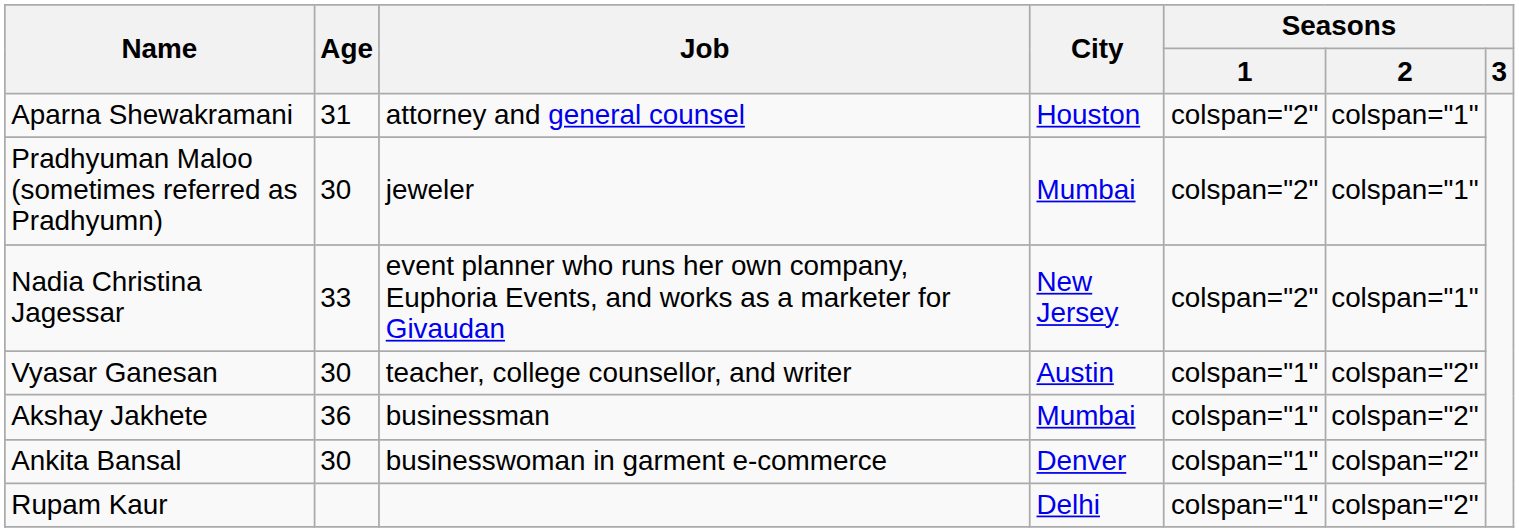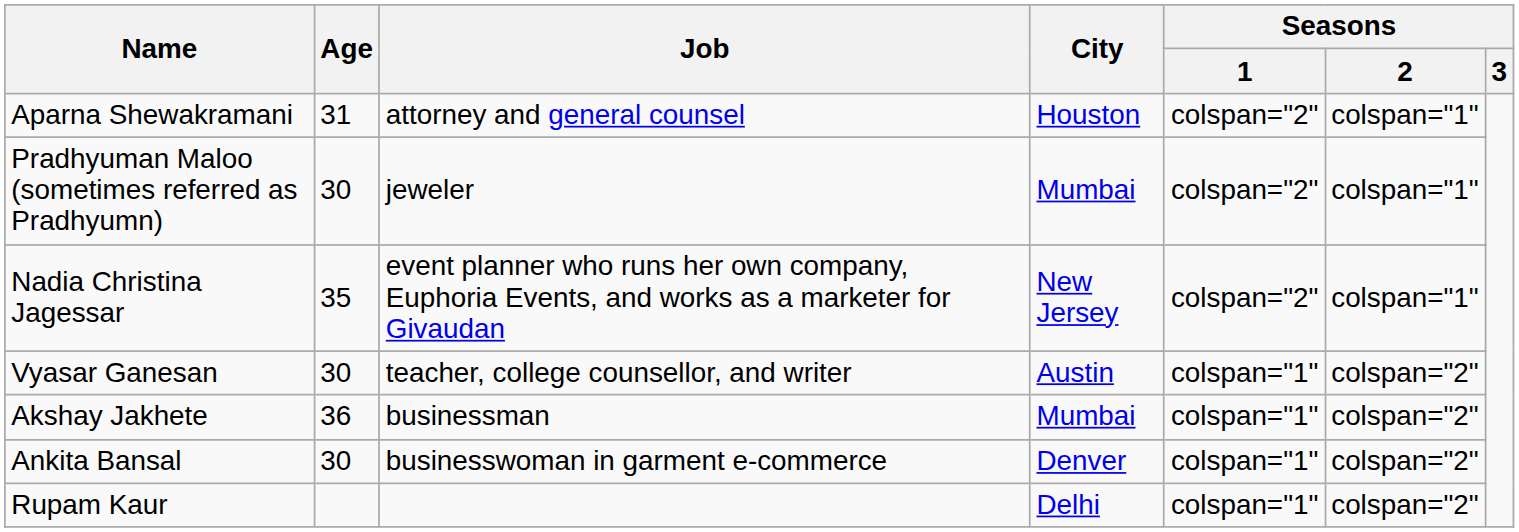 <table class="wikitable">
 <tr>
 <th rowspan="2">Name</th>
 <th rowspan="2">Age</th>
 <th rowspan="2">Job</th>
 <th rowspan="2">City</th>
 <th colspan="3">Seasons</th>
 </tr>
 <tr>
 <th scope="col">1</th>
 <th scope="col">2</th>
 <th scope="col">3</th>
 </tr>
 <tr>
 <td>Aparna Shewakramani</td>
 <td>31</td>
 <td>attorney and <a href='#'>general counsel</a></td>
 <td><a href='#'>Houston</a></td>
 <td>colspan="2"  </td>
 <td>colspan="1" </td>
 </tr>
 <tr>
 <td>Pradhyuman Maloo<br>(sometimes referred as Pradhyumn)</td>
 <td>30</td>
 <td>jeweler</td>
 <td><a href='#'>Mumbai</a></td>
 <td>colspan="2"  </td>
 <td>colspan="1" </td>
 </tr>
 <tr>
 <td>Nadia Christina Jagessar</td>
-<td>33</td>
+<td>35</td>
 <td>event planner who runs her own company, Euphoria Events, and works as a marketer for <a href='#'>Givaudan</a></td>
 <td><a href='#'>New Jersey</a></td>
 <td>colspan="2"  </td>
 <td>colspan="1" </td>
 </tr>
 <tr>
 <td>Vyasar Ganesan</td>
 <td>30</td>
 <td>teacher, college counsellor, and writer</td>
 <td><a href='#'>Austin</a></td>
 <td>colspan="1"  </td>
 <td>colspan="2" </td>
 </tr>
 <tr>
 <td>Akshay Jakhete</td>
 <td>36</td>
 <td>businessman</td>
 <td><a href='#'>Mumbai</a></td>
 <td>colspan="1"  </td>
 <td>colspan="2" </td>
 </tr>
 <tr>
 <td>Ankita Bansal</td>
 <td>30</td>
 <td>businesswoman in garment e-commerce</td>
 <td><a href='#'>Denver</a></td>
 <td>colspan="1"  </td>
 <td>colspan="2" </td>
 </tr>
 <tr>
 <td>Rupam Kaur</td>
 <td></td>
 <td></td>
 <td><a href='#'>Delhi</a></td>
 <td>colspan="1"  </td>
 <td>colspan="2" </td>
 </tr>
 </table>
